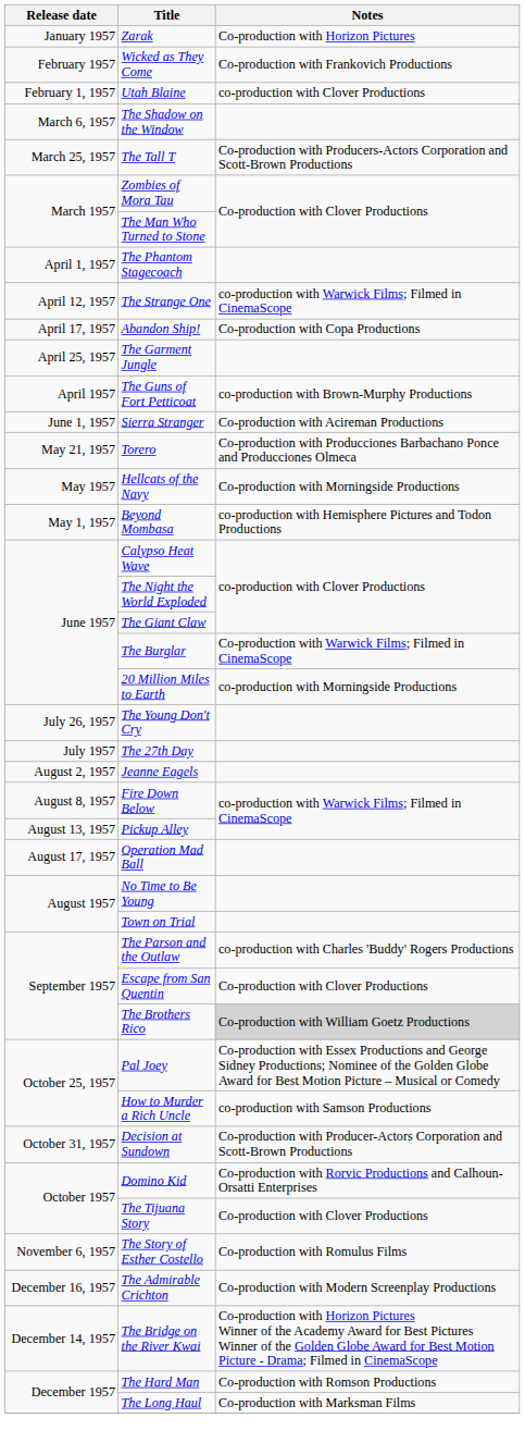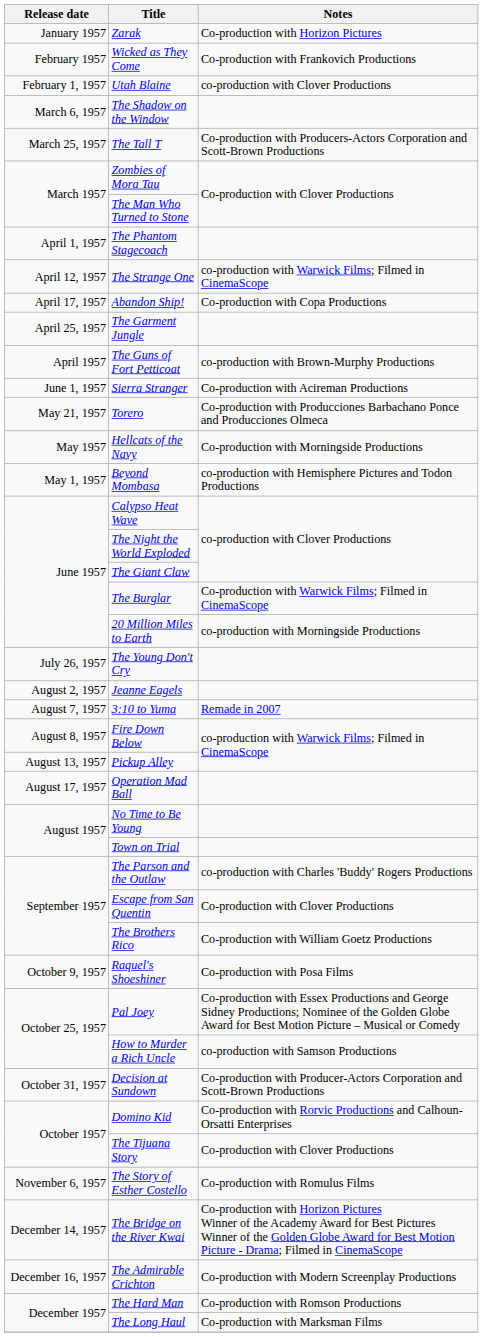 <table class="wikitable sortable" style="width:100%;">
 <tr>
 <th scope="col" style="width:130px;">Release date</th>
 <th>Title</th>
 <th>Notes</th>
 </tr>
 <tr>
 <td style="text-align:right;">January 1957</td>
 <td><em><a href='#'>Zarak</a></em></td>
 <td>Co-production with <a href='#'>Horizon Pictures</a></td>
 </tr>
 <tr>
 <td style="text-align:right;">February 1957</td>
 <td><em><a href='#'>Wicked as They Come</a></em></td>
 <td>Co-production with Frankovich Productions</td>
 </tr>
 <tr>
 <td style="text-align:right;">February 1, 1957</td>
 <td><em><a href='#'>Utah Blaine</a></em></td>
 <td>co-production with Clover Productions</td>
 </tr>
 <tr>
 <td style="text-align:right;">March 6, 1957</td>
 <td><em><a href='#'>The Shadow on the Window</a></em></td>
 <td></td>
 </tr>
 <tr>
 <td style="text-align:right;">March 25, 1957</td>
 <td><em><a href='#'>The Tall T</a></em></td>
 <td>Co-production with Producers-Actors Corporation and Scott-Brown Productions</td>
 </tr>
 <tr>
 <td style="text-align:right;" rowspan="2">March 1957</td>
 <td><em><a href='#'>Zombies of Mora Tau</a></em></td>
 <td rowspan="2">Co-production with Clover Productions</td>
 </tr>
 <tr>
 <td><em><a href='#'>The Man Who Turned to Stone</a></em></td>
 </tr>
 <tr>
 <td style="text-align:right;">April 1, 1957</td>
 <td><em><a href='#'>The Phantom Stagecoach</a></em></td>
 <td></td>
 </tr>
 <tr>
 <td style="text-align:right;">April 12, 1957</td>
 <td><em><a href='#'>The Strange One</a></em></td>
 <td>co-production with <a href='#'>Warwick Films</a>; Filmed in <a href='#'>CinemaScope</a></td>
 </tr>
 <tr>
 <td style="text-align:right;">April 17, 1957</td>
 <td><em><a href='#'>Abandon Ship!</a></em></td>
 <td>Co-production with Copa Productions</td>
 </tr>
 <tr>
 <td style="text-align:right;">April 25, 1957</td>
 <td><em><a href='#'>The Garment Jungle</a></em></td>
 <td></td>
 </tr>
 <tr>
 <td style="text-align:right;">April 1957</td>
 <td><em><a href='#'>The Guns of Fort Petticoat</a></em></td>
 <td>co-production with Brown-Murphy Productions</td>
 </tr>
 <tr>
 <td style="text-align:right;">June 1, 1957</td>
 <td><em><a href='#'>Sierra Stranger</a></em></td>
 <td>Co-production with Acireman Productions</td>
 </tr>
 <tr>
 <td style="text-align:right;">May 21, 1957</td>
 <td><em><a href='#'>Torero</a></em></td>
 <td>Co-production with Producciones Barbachano Ponce and Producciones Olmeca</td>
 </tr>
 <tr>
 <td style="text-align:right;">May 1957</td>
 <td><em><a href='#'>Hellcats of the Navy</a></em></td>
 <td>Co-production with Morningside Productions</td>
 </tr>
 <tr>
 <td style="text-align:right;">May 1, 1957</td>
 <td><em><a href='#'>Beyond Mombasa</a></em></td>
 <td>co-production with Hemisphere Pictures and Todon Productions</td>
 </tr>
 <tr>
 <td style="text-align:right;" rowspan="5">June 1957</td>
 <td><em><a href='#'>Calypso Heat Wave</a></em></td>
 <td rowspan="3">co-production with Clover Productions</td>
 </tr>
 <tr>
 <td><em><a href='#'>The Night the World Exploded</a></em></td>
 </tr>
 <tr>
 <td><em><a href='#'>The Giant Claw</a></em></td>
 </tr>
 <tr>
 <td><em><a href='#'>The Burglar</a></em></td>
 <td>Co-production with <a href='#'>Warwick Films</a>; Filmed in <a href='#'>CinemaScope</a></td>
 </tr>
 <tr>
 <td><em><a href='#'>20 Million Miles to Earth</a></em></td>
 <td>co-production with Morningside Productions</td>
 </tr>
 <tr>
 <td style="text-align:right;">July 26, 1957</td>
 <td><em><a href='#'>The Young Don't Cry</a></em></td>
 <td></td>
 </tr>
 <tr>
-<td style="text-align:right;">July 1957</td>
-<td><em><a href='#'>The 27th Day</a></em></td>
+<td style="text-align:right;">August 2, 1957</td>
+<td><em><a href='#'>Jeanne Eagels</a></em></td>
 <td></td>
 </tr>
 <tr>
-<td style="text-align:right;">August 2, 1957</td>
-<td><em><a href='#'>Jeanne Eagels</a></em></td>
-<td></td>
+<td style="text-align:right;">August 7, 1957</td>
+<td><em><a href='#'>3:10 to Yuma</a></em></td>
+<td><a href='#'>Remade in 2007</a></td>
 </tr>
 <tr>
 <td style="text-align:right;">August 8, 1957</td>
 <td><em><a href='#'>Fire Down Below</a></em></td>
 <td rowspan="2">co-production with <a href='#'>Warwick Films</a>; Filmed in <a href='#'>CinemaScope</a></td>
 </tr>
 <tr>
 <td style="text-align:right;">August 13, 1957</td>
 <td><em><a href='#'>Pickup Alley</a></em></td>
 </tr>
 <tr>
 <td style="text-align:right;">August 17, 1957</td>
 <td><em><a href='#'>Operation Mad Ball</a></em></td>
 <td></td>
 </tr>
 <tr>
 <td style="text-align:right;" rowspan="2">August 1957</td>
 <td><em><a href='#'>No Time to Be Young</a></em></td>
 <td></td>
 </tr>
 <tr>
 <td><em><a href='#'>Town on Trial</a></em></td>
 <td></td>
 </tr>
 <tr>
 <td style="text-align:right;" rowspan="3">September 1957</td>
 <td><em><a href='#'>The Parson and the Outlaw</a></em></td>
 <td>co-production with Charles 'Buddy' Rogers Productions</td>
 </tr>
 <tr>
 <td><em><a href='#'>Escape from San Quentin</a></em></td>
 <td>Co-production with Clover Productions</td>
 </tr>
 <tr>
 <td><em><a href='#'>The Brothers Rico</a></em></td>
-<td style="background: lightgrey;">Co-production with William Goetz Productions</td>
+<td>Co-production with William Goetz Productions</td>
+</tr>
+<tr>
+<td style="text-align:right;">October 9, 1957</td>
+<td><em><a href='#'>Raquel's Shoeshiner</a></em></td>
+<td>Co-production with Posa Films</td>
 </tr>
 <tr>
 <td style="text-align:right;" rowspan="2">October 25, 1957</td>
 <td><em><a href='#'>Pal Joey</a></em></td>
 <td>Co-production with Essex Productions and George Sidney Productions; Nominee of the Golden Globe Award for Best Motion Picture – Musical or Comedy</td>
 </tr>
 <tr>
 <td><em><a href='#'>How to Murder a Rich Uncle</a></em></td>
 <td>co-production with Samson Productions</td>
 </tr>
 <tr>
 <td style="text-align:right;">October 31, 1957</td>
 <td><em><a href='#'>Decision at Sundown</a></em></td>
 <td>Co-production with Producer-Actors Corporation and Scott-Brown Productions</td>
 </tr>
 <tr>
 <td style="text-align:right;" rowspan="2">October 1957</td>
 <td><em><a href='#'>Domino Kid</a></em></td>
 <td>Co-production with <a href='#'>Rorvic Productions</a> and Calhoun-Orsatti Enterprises</td>
 </tr>
 <tr>
 <td><em><a href='#'>The Tijuana Story</a></em></td>
 <td>Co-production with Clover Productions</td>
 </tr>
 <tr>
 <td style="text-align:right;">November 6, 1957</td>
 <td><em><a href='#'>The Story of Esther Costello</a></em></td>
 <td>Co-production with Romulus Films</td>
 </tr>
 <tr>
+<td style="text-align:right;">December 14, 1957</td>
+<td><em><a href='#'>The Bridge on the River Kwai</a></em></td>
+<td>Co-production with <a href='#'>Horizon Pictures</a><br>Winner of the Academy Award for Best Pictures<br>Winner of the <a href='#'>Golden Globe Award for Best Motion Picture - Drama</a>; Filmed in <a href='#'>CinemaScope</a></td>
+</tr>
+<tr>
 <td style="text-align:right;">December 16, 1957</td>
 <td><em><a href='#'>The Admirable Crichton</a></em></td>
 <td>Co-production with Modern Screenplay Productions</td>
-</tr>
-<tr>
-<td style="text-align:right;">December 14, 1957</td>
-<td><em><a href='#'>The Bridge on the River Kwai</a></em></td>
-<td>Co-production with <a href='#'>Horizon Pictures</a><br>Winner of the Academy Award for Best Pictures<br>Winner of the <a href='#'>Golden Globe Award for Best Motion Picture - Drama</a>; Filmed in <a href='#'>CinemaScope</a></td>
 </tr>
 <tr>
 <td style="text-align:right;" rowspan="2">December 1957</td>
 <td><em><a href='#'>The Hard Man</a></em></td>
 <td>Co-production with Romson Productions</td>
 </tr>
 <tr>
 <td><em><a href='#'>The Long Haul</a></em></td>
 <td>Co-production with Marksman Films</td>
 </tr>
 <tr>
 </tr>
 </table>
